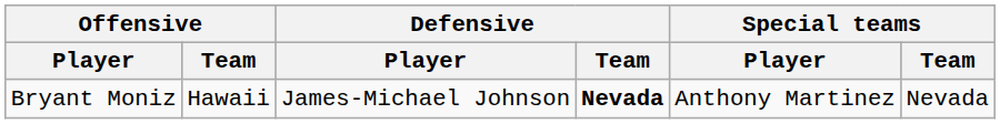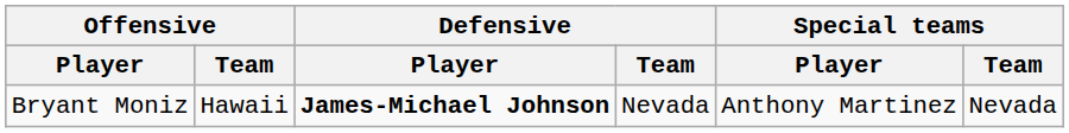 <table class="wikitable">
 <tr>
 <th colspan="2">Offensive</th>
 <th colspan="2">Defensive</th>
 <th colspan="2">Special teams</th>
 </tr>
 <tr>
 <th>Player</th>
 <th>Team</th>
 <th>Player</th>
 <th>Team</th>
 <th>Player</th>
 <th>Team</th>
 </tr>
 <tr>
 <td>Bryant Moniz</td>
 <td>Hawaii</td>
-<td>James-Michael Johnson</td>
-<td><strong>Nevada</strong></td>
+<td><strong>James-Michael Johnson</strong></td>
+<td>Nevada</td>
 <td>Anthony Martinez</td>
 <td>Nevada</td>
 </tr>
 </table>
